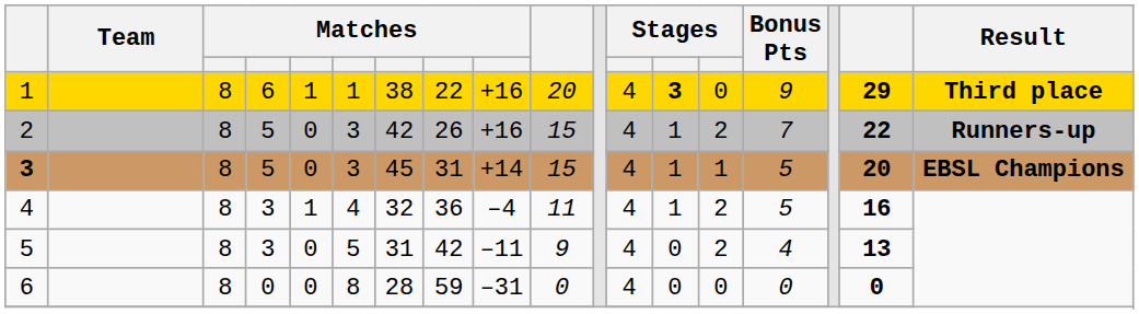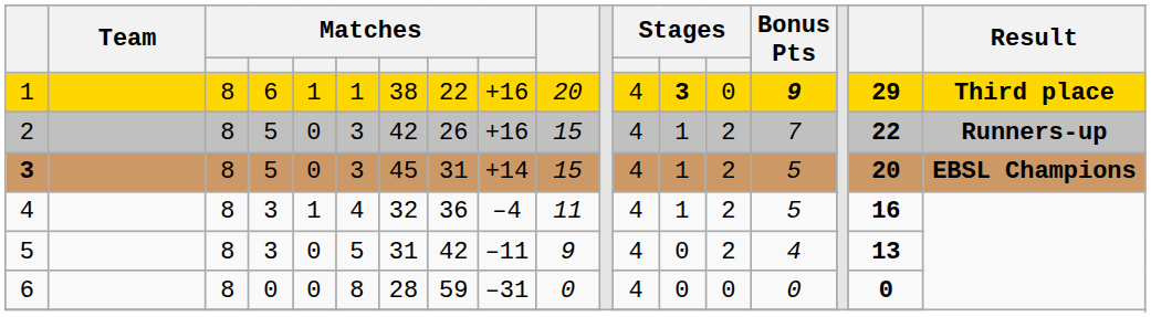 <table class="wikitable" style="text-align: center;">
 <tr>
 <th width="25" rowspan="2"></th>
 <th width="120" rowspan="2">Team</th>
 <th colspan="7">Matches</th>
 <th width="40" rowspan="2"></th>
 <th width="1" style="background-color: #E5E5E5;" rowspan="9"></th>
 <th colspan="3">Stages</th>
 <th width="30" rowspan="2">Bonus Pts</th>
 <th width="1" style="background-color: #E5E5E5;" rowspan="9"></th>
 <th width="50" rowspan="2"></th>
 <th width="150" rowspan="2">Result</th>
 </tr>
 <tr>
 <th width="25"></th>
 <th width="25"></th>
 <th width="25"></th>
 <th width="25"></th>
 <th width="25"></th>
 <th width="25"></th>
 <th width="25"></th>
 <th width="25"></th>
 <th width="25"></th>
 <th width="25"></th>
 </tr>
 <tr style="background-color: gold;">
 <td>1</td>
 <td align=left><strong></strong></td>
 <td>8</td>
 <td>6</td>
 <td>1</td>
 <td>1</td>
 <td>38</td>
 <td>22</td>
 <td>+16</td>
 <td><em>20</em></td>
 <td>4</td>
 <td><strong>3</strong></td>
 <td>0</td>
-<td><em>9</em></td>
+<td><strong><em>9</em></strong></td>
 <td><strong>29</strong></td>
 <td><strong>Third place</strong></td>
 </tr>
 <tr style="background-color: silver">
 <td>2</td>
 <td align=left></td>
 <td>8</td>
 <td>5</td>
 <td>0</td>
 <td>3</td>
 <td>42</td>
 <td>26</td>
 <td>+16</td>
 <td><em>15</em></td>
 <td>4</td>
 <td>1</td>
 <td>2</td>
 <td><em>7</em></td>
 <td><strong>22</strong></td>
 <td><strong>Runners-up</strong></td>
 </tr>
 <tr style="background-color: #CC9966;">
 <td><strong>3</strong></td>
 <td align=left></td>
 <td>8</td>
 <td>5</td>
 <td>0</td>
 <td>3</td>
 <td>45</td>
 <td>31</td>
 <td>+14</td>
 <td><em>15</em></td>
 <td>4</td>
 <td>1</td>
-<td>1</td>
+<td>2</td>
 <td><em>5</em></td>
 <td><strong>20</strong></td>
 <td><strong>EBSL Champions</strong></td>
 </tr>
 <tr>
 <td>4</td>
 <td align=left></td>
 <td>8</td>
 <td>3</td>
 <td>1</td>
 <td>4</td>
 <td>32</td>
 <td>36</td>
 <td>–4</td>
 <td><em>11</em></td>
 <td>4</td>
 <td>1</td>
 <td>2</td>
 <td><em>5</em></td>
 <td><strong>16</strong></td>
 <td rowspan="4"></td>
 </tr>
 <tr>
 <td>5</td>
 <td align=left></td>
 <td>8</td>
 <td>3</td>
 <td>0</td>
 <td>5</td>
 <td>31</td>
 <td>42</td>
 <td>–11</td>
 <td><em>9</em></td>
 <td>4</td>
 <td>0</td>
 <td>2</td>
 <td><em>4</em></td>
 <td><strong>13</strong></td>
 </tr>
 <tr>
 <td>6</td>
 <td align=left></td>
 <td>8</td>
 <td>0</td>
 <td>0</td>
 <td>8</td>
 <td>28</td>
 <td>59</td>
 <td>–31</td>
 <td><em>0</em></td>
 <td>4</td>
 <td>0</td>
 <td>0</td>
 <td><em>0</em></td>
 <td><strong>0</strong></td>
 </tr>
 <tr>
 </tr>
 </table>
